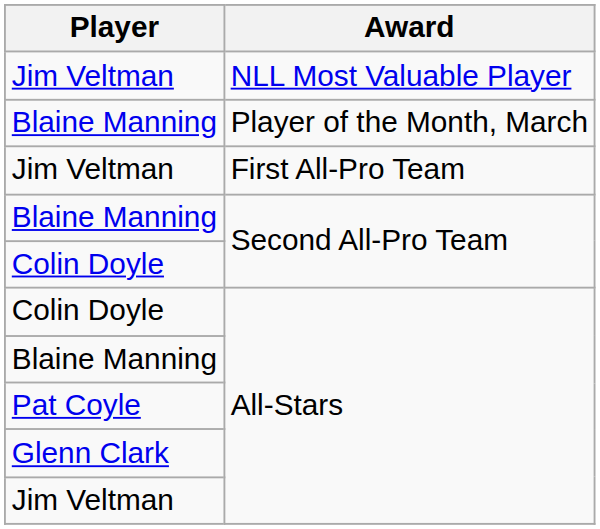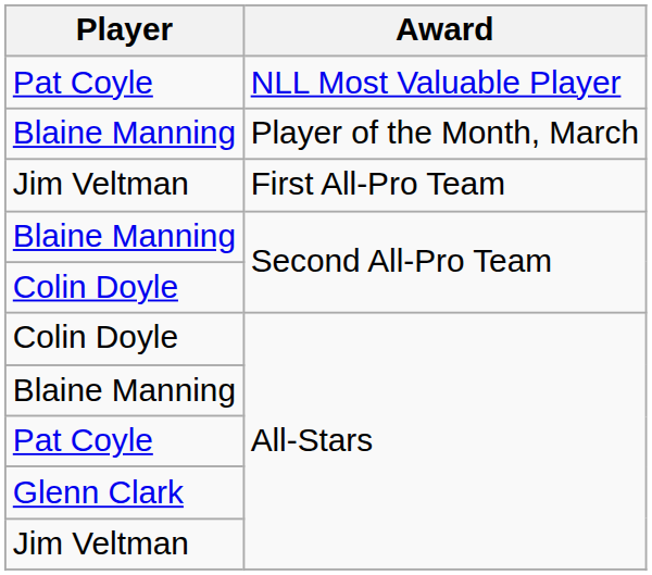 <table class="wikitable">
 <tr>
 <th>Player</th>
 <th>Award</th>
 </tr>
 <tr>
-<td><a href='#'>Jim Veltman</a></td>
+<td><a href='#'>Pat Coyle</a></td>
 <td><a href='#'>NLL Most Valuable Player</a></td>
 </tr>
 <tr>
 <td><a href='#'>Blaine Manning</a></td>
 <td>Player of the Month, March</td>
 </tr>
 <tr>
 <td>Jim Veltman</td>
 <td>First All-Pro Team</td>
 </tr>
 <tr>
 <td><a href='#'>Blaine Manning</a></td>
 <td rowspan=2>Second All-Pro Team</td>
 </tr>
 <tr>
 <td><a href='#'>Colin Doyle</a></td>
 </tr>
 <tr>
 <td>Colin Doyle</td>
 <td rowspan=5>All-Stars</td>
 </tr>
 <tr>
 <td>Blaine Manning</td>
 </tr>
 <tr>
 <td><a href='#'>Pat Coyle</a></td>
 </tr>
 <tr>
 <td><a href='#'>Glenn Clark</a></td>
 </tr>
 <tr>
 <td>Jim Veltman</td>
 </tr>
 </table>
